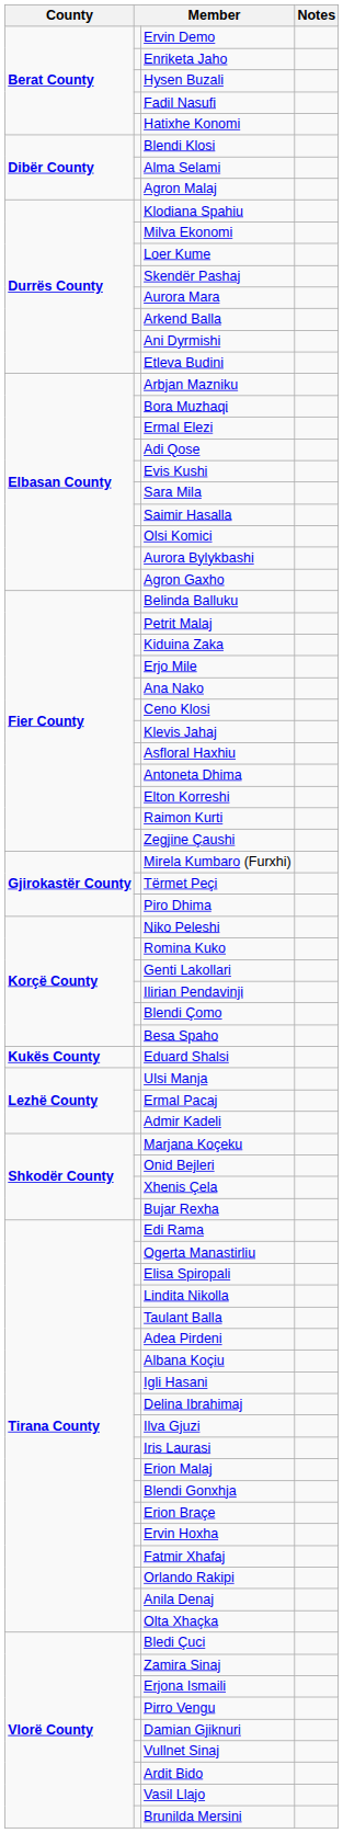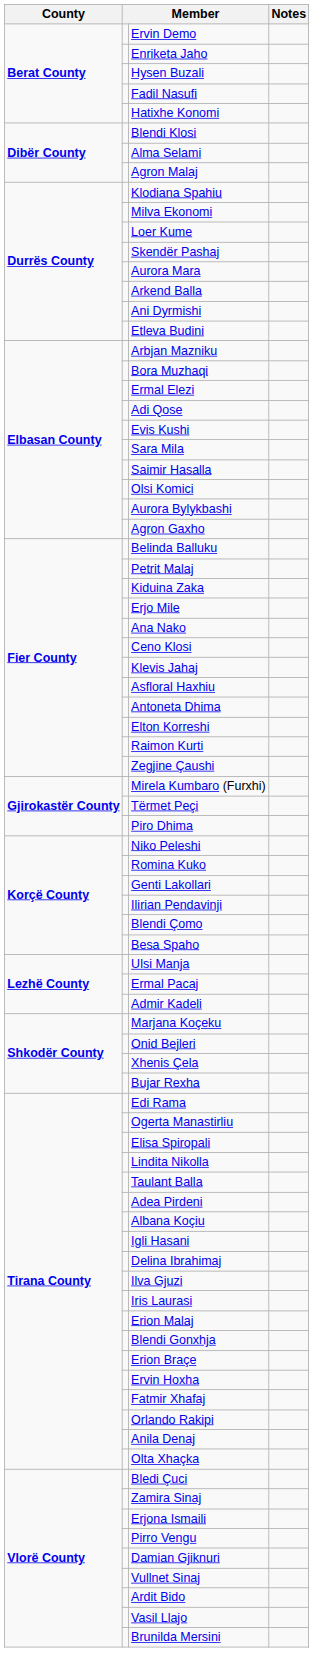 <table class="wikitable">
 <tr>
 <th>County</th>
 <th colspan="2">Member</th>
 <th>Notes</th>
 </tr>
 <tr>
 <td rowspan="5"><strong><a href='#'>Berat County</a></strong></td>
 <td></td>
 <td><a href='#'>Ervin Demo</a></td>
 <td></td>
 </tr>
 <tr>
 <td></td>
 <td><a href='#'>Enriketa Jaho</a></td>
 <td></td>
 </tr>
 <tr>
 <td></td>
 <td><a href='#'>Hysen Buzali</a></td>
 <td></td>
 </tr>
 <tr>
 <td></td>
 <td><a href='#'>Fadil Nasufi</a></td>
 <td></td>
 </tr>
 <tr>
 <td></td>
 <td><a href='#'>Hatixhe Konomi</a></td>
 <td></td>
 </tr>
 <tr>
 <td rowspan="3"><strong><a href='#'>Dibër County</a></strong></td>
 <td></td>
 <td><a href='#'>Blendi Klosi</a></td>
 <td></td>
 </tr>
 <tr>
 <td></td>
 <td><a href='#'>Alma Selami</a></td>
 <td></td>
 </tr>
 <tr>
 <td></td>
 <td><a href='#'>Agron Malaj</a></td>
 <td></td>
 </tr>
 <tr>
 <td rowspan="8"><strong><a href='#'>Durrës County</a></strong></td>
 <td></td>
 <td><a href='#'>Klodiana Spahiu</a></td>
 <td></td>
 </tr>
 <tr>
 <td></td>
 <td><a href='#'>Milva Ekonomi</a></td>
 <td></td>
 </tr>
 <tr>
 <td></td>
 <td><a href='#'>Loer Kume</a></td>
 <td></td>
 </tr>
 <tr>
 <td></td>
 <td><a href='#'>Skendër Pashaj</a></td>
 <td></td>
 </tr>
 <tr>
 <td></td>
 <td><a href='#'>Aurora Mara</a></td>
 <td></td>
 </tr>
 <tr>
 <td></td>
 <td><a href='#'>Arkend Balla</a></td>
 <td></td>
 </tr>
 <tr>
 <td></td>
 <td><a href='#'>Ani Dyrmishi</a></td>
 <td></td>
 </tr>
 <tr>
 <td></td>
 <td><a href='#'>Etleva Budini</a></td>
 <td></td>
 </tr>
 <tr>
 <td rowspan="10"><strong><a href='#'>Elbasan County</a></strong></td>
 <td></td>
 <td><a href='#'>Arbjan Mazniku</a></td>
 <td></td>
 </tr>
 <tr>
 <td></td>
 <td><a href='#'>Bora Muzhaqi</a></td>
 <td></td>
 </tr>
 <tr>
 <td></td>
 <td><a href='#'>Ermal Elezi</a></td>
 <td></td>
 </tr>
 <tr>
 <td></td>
 <td><a href='#'>Adi Qose</a></td>
 <td></td>
 </tr>
 <tr>
 <td></td>
 <td><a href='#'>Evis Kushi</a></td>
 <td></td>
 </tr>
 <tr>
 <td></td>
 <td><a href='#'>Sara Mila</a></td>
 <td></td>
 </tr>
 <tr>
 <td></td>
 <td><a href='#'>Saimir Hasalla</a></td>
 <td></td>
 </tr>
 <tr>
 <td></td>
 <td><a href='#'>Olsi Komici</a></td>
 <td></td>
 </tr>
 <tr>
 <td></td>
 <td><a href='#'>Aurora Bylykbashi</a></td>
 <td></td>
 </tr>
 <tr>
 <td></td>
 <td><a href='#'>Agron Gaxho</a></td>
 <td></td>
 </tr>
 <tr>
 <td rowspan="12"><strong><a href='#'>Fier County</a></strong></td>
 <td></td>
 <td><a href='#'>Belinda Balluku</a></td>
 <td></td>
 </tr>
 <tr>
 <td></td>
 <td><a href='#'>Petrit Malaj</a></td>
 <td></td>
 </tr>
 <tr>
 <td></td>
 <td><a href='#'>Kiduina Zaka</a></td>
 <td></td>
 </tr>
 <tr>
 <td></td>
 <td><a href='#'>Erjo Mile</a></td>
 <td></td>
 </tr>
 <tr>
 <td></td>
 <td><a href='#'>Ana Nako</a></td>
 <td></td>
 </tr>
 <tr>
 <td></td>
 <td><a href='#'>Ceno Klosi</a></td>
 <td></td>
 </tr>
 <tr>
 <td></td>
 <td><a href='#'>Klevis Jahaj</a></td>
 <td></td>
 </tr>
 <tr>
 <td></td>
 <td><a href='#'>Asfloral Haxhiu</a></td>
 <td></td>
 </tr>
 <tr>
 <td></td>
 <td><a href='#'>Antoneta Dhima</a></td>
 <td></td>
 </tr>
 <tr>
 <td></td>
 <td><a href='#'>Elton Korreshi</a></td>
 <td></td>
 </tr>
 <tr>
 <td></td>
 <td><a href='#'>Raimon Kurti</a></td>
 <td></td>
 </tr>
 <tr>
 <td></td>
 <td><a href='#'>Zegjine Çaushi</a></td>
 <td></td>
 </tr>
 <tr>
 <td rowspan="3"><strong><a href='#'>Gjirokastër County</a></strong></td>
 <td></td>
 <td><a href='#'>Mirela Kumbaro</a> (Furxhi)</td>
 <td></td>
 </tr>
 <tr>
 <td></td>
 <td><a href='#'>Tërmet Peçi</a></td>
 <td></td>
 </tr>
 <tr>
 <td></td>
 <td><a href='#'>Piro Dhima</a></td>
 <td></td>
 </tr>
 <tr>
 <td rowspan="6"><strong><a href='#'>Korçë County</a></strong></td>
 <td></td>
 <td><a href='#'>Niko Peleshi</a></td>
 <td></td>
 </tr>
 <tr>
 <td></td>
 <td><a href='#'>Romina Kuko</a></td>
 <td></td>
 </tr>
 <tr>
 <td></td>
 <td><a href='#'>Genti Lakollari</a></td>
 <td></td>
 </tr>
 <tr>
 <td></td>
 <td><a href='#'>Ilirian Pendavinji</a></td>
 <td></td>
 </tr>
 <tr>
 <td></td>
 <td><a href='#'>Blendi Çomo</a></td>
 <td></td>
 </tr>
 <tr>
 <td></td>
 <td><a href='#'>Besa Spaho</a></td>
 <td></td>
 </tr>
 <tr>
-<td><strong><a href='#'>Kukës County</a></strong></td>
-<td></td>
-<td><a href='#'>Eduard Shalsi</a></td>
-<td></td>
-</tr>
-<tr>
 <td rowspan="3"><strong><a href='#'>Lezhë County</a></strong></td>
 <td></td>
 <td><a href='#'>Ulsi Manja</a></td>
 <td></td>
 </tr>
 <tr>
 <td></td>
 <td><a href='#'>Ermal Pacaj</a></td>
 <td></td>
 </tr>
 <tr>
 <td></td>
 <td><a href='#'>Admir Kadeli</a></td>
 <td></td>
 </tr>
 <tr>
 <td rowspan="4"><strong><a href='#'>Shkodër County</a></strong></td>
 <td></td>
 <td><a href='#'>Marjana Koçeku</a></td>
 <td></td>
 </tr>
 <tr>
 <td></td>
 <td><a href='#'>Onid Bejleri</a></td>
 <td></td>
 </tr>
 <tr>
 <td></td>
 <td><a href='#'>Xhenis Çela</a></td>
 <td></td>
 </tr>
 <tr>
 <td></td>
 <td><a href='#'>Bujar Rexha</a></td>
 <td></td>
 </tr>
 <tr>
 <td rowspan="19"><strong><a href='#'>Tirana County</a></strong></td>
 <td></td>
 <td><a href='#'>Edi Rama</a></td>
 <td></td>
 </tr>
 <tr>
 <td></td>
 <td><a href='#'>Ogerta Manastirliu</a></td>
 <td></td>
 </tr>
 <tr>
 <td></td>
 <td><a href='#'>Elisa Spiropali</a></td>
 <td></td>
 </tr>
 <tr>
 <td></td>
 <td><a href='#'>Lindita Nikolla</a></td>
 <td></td>
 </tr>
 <tr>
 <td></td>
 <td><a href='#'>Taulant Balla</a></td>
 <td></td>
 </tr>
 <tr>
 <td></td>
 <td><a href='#'>Adea Pirdeni</a></td>
 <td></td>
 </tr>
 <tr>
 <td></td>
 <td><a href='#'>Albana Koçiu</a></td>
 <td></td>
 </tr>
 <tr>
 <td></td>
 <td><a href='#'>Igli Hasani</a></td>
 <td></td>
 </tr>
 <tr>
 <td></td>
 <td><a href='#'>Delina Ibrahimaj</a></td>
 <td></td>
 </tr>
 <tr>
 <td></td>
 <td><a href='#'>Ilva Gjuzi</a></td>
 <td></td>
 </tr>
 <tr>
 <td></td>
 <td><a href='#'>Iris Laurasi</a></td>
 <td></td>
 </tr>
 <tr>
 <td></td>
 <td><a href='#'>Erion Malaj</a></td>
 <td></td>
 </tr>
 <tr>
 <td></td>
 <td><a href='#'>Blendi Gonxhja</a></td>
 <td></td>
 </tr>
 <tr>
 <td></td>
 <td><a href='#'>Erion Braçe</a></td>
 <td></td>
 </tr>
 <tr>
 <td></td>
 <td><a href='#'>Ervin Hoxha</a></td>
 <td></td>
 </tr>
 <tr>
 <td></td>
 <td><a href='#'>Fatmir Xhafaj</a></td>
 <td></td>
 </tr>
 <tr>
 <td></td>
 <td><a href='#'>Orlando Rakipi</a></td>
 <td></td>
 </tr>
 <tr>
 <td></td>
 <td><a href='#'>Anila Denaj</a></td>
 <td></td>
 </tr>
 <tr>
 <td></td>
 <td><a href='#'>Olta Xhaçka</a></td>
 <td></td>
 </tr>
 <tr>
 <td rowspan="9"><strong><a href='#'>Vlorë County</a></strong></td>
 <td></td>
 <td><a href='#'>Bledi Çuci</a></td>
 <td></td>
 </tr>
 <tr>
 <td></td>
 <td><a href='#'>Zamira Sinaj</a></td>
 <td></td>
 </tr>
 <tr>
 <td></td>
 <td><a href='#'>Erjona Ismaili</a></td>
 <td></td>
 </tr>
 <tr>
 <td></td>
 <td><a href='#'>Pirro Vengu</a></td>
 <td></td>
 </tr>
 <tr>
 <td></td>
 <td><a href='#'>Damian Gjiknuri</a></td>
 <td></td>
 </tr>
 <tr>
 <td></td>
 <td><a href='#'>Vullnet Sinaj</a></td>
 <td></td>
 </tr>
 <tr>
 <td></td>
 <td><a href='#'>Ardit Bido</a></td>
 <td></td>
 </tr>
 <tr>
 <td></td>
 <td><a href='#'>Vasil Llajo</a></td>
 <td></td>
 </tr>
 <tr>
 <td></td>
 <td><a href='#'>Brunilda Mersini</a></td>
 <td></td>
 </tr>
 </table>
